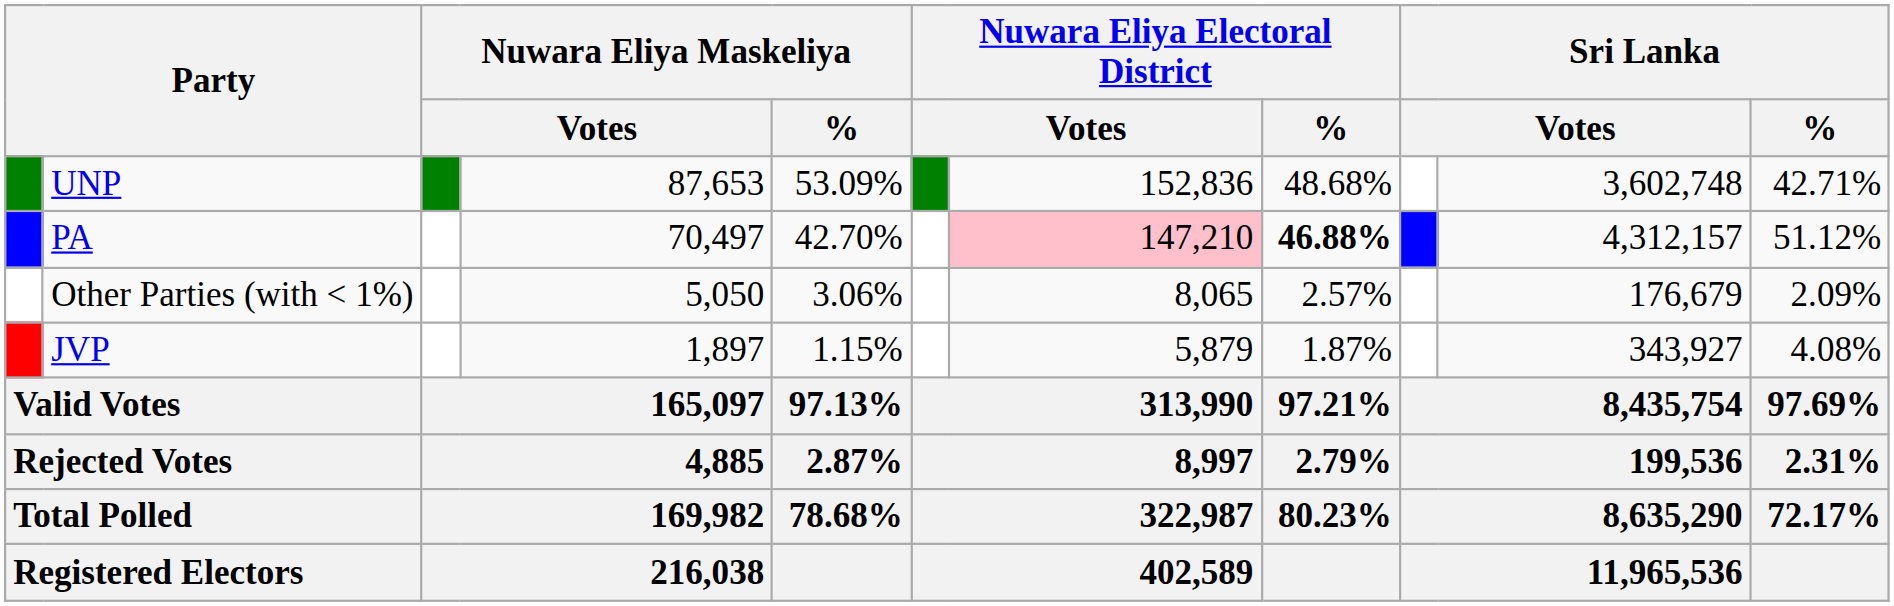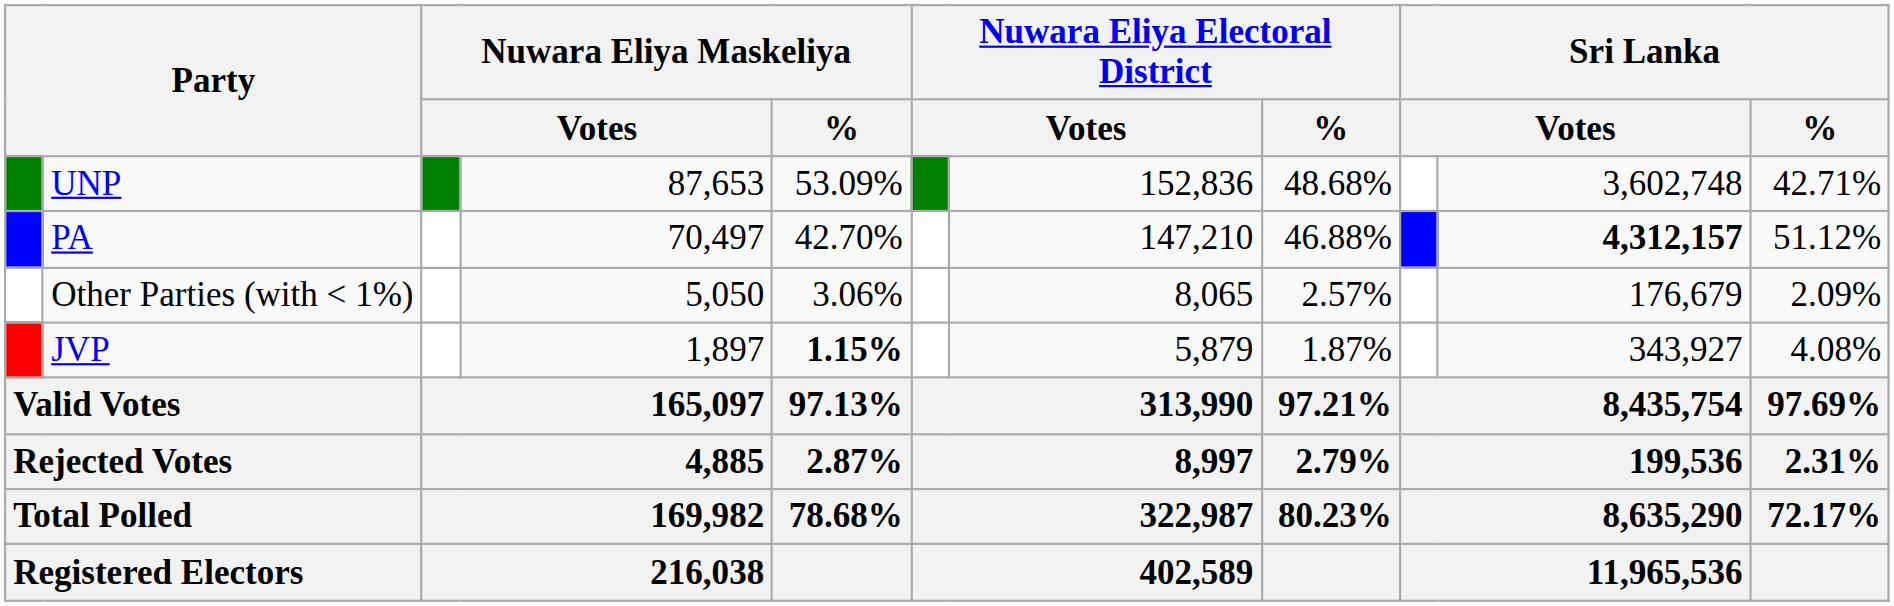 <table class="wikitable">
 <tr>
 <th colspan="2" width="144px"rowspan="2">Party</th>
 <th colspan="3" width="216px">Nuwara Eliya Maskeliya</th>
 <th colspan="3" width="216px"><a href='#'>Nuwara Eliya Electoral District</a></th>
 <th colspan="3" width="216px">Sri Lanka</th>
 </tr>
 <tr>
 <th colspan="2" width="144px">Votes</th>
 <th>%</th>
 <th colspan="2" width="144px">Votes</th>
 <th>%</th>
 <th colspan="2" width="144px">Votes</th>
 <th>%</th>
 </tr>
 <tr>
 <td style="background-color:green;" width="10px"></td>
 <td style="text-align:left;"><a href='#'>UNP</a></td>
 <td style="background-color:green;" width="10px"></td>
 <td style="text-align:right;">87,653</td>
 <td style="text-align:right;">53.09%</td>
 <td style="background-color:green;" width="10px"></td>
 <td style="text-align:right;">152,836</td>
 <td style="text-align:right;">48.68%</td>
 <td style="background-color:white;" width="10px"></td>
 <td style="text-align:right;">3,602,748</td>
 <td style="text-align:right;">42.71%</td>
 </tr>
 <tr>
 <td style="background-color:blue;" width="10px"></td>
 <td style="text-align:left;"><a href='#'>PA</a></td>
 <td style="background-color:white;" width="10px"></td>
 <td style="text-align:right;">70,497</td>
 <td style="text-align:right;">42.70%</td>
 <td style="background-color:white;" width="10px"></td>
-<td style="background: pink; text-align:right;">147,210</td>
-<td style="text-align:right;"><strong>46.88%</strong></td>
+<td style="text-align:right;">147,210</td>
+<td style="text-align:right;">46.88%</td>
 <td style="background-color:blue;" width="10px"></td>
-<td style="text-align:right;">4,312,157</td>
+<td style="text-align:right;"><strong>4,312,157</strong></td>
 <td style="text-align:right;">51.12%</td>
 </tr>
 <tr>
 <td style="background-color:white;" width="10px"></td>
 <td style="text-align:left;">Other Parties (with < 1%)</td>
 <td style="background-color:white;" width="10px"></td>
 <td style="text-align:right;">5,050</td>
 <td style="text-align:right;">3.06%</td>
 <td style="background-color:white;" width="10px"></td>
 <td style="text-align:right;">8,065</td>
 <td style="text-align:right;">2.57%</td>
 <td style="background-color:white;" width="10px"></td>
 <td style="text-align:right;">176,679</td>
 <td style="text-align:right;">2.09%</td>
 </tr>
 <tr>
 <td style="background-color:red;" width="10px"></td>
 <td style="text-align:left;"><a href='#'>JVP</a></td>
 <td style="background-color:white;" width="10px"></td>
 <td style="text-align:right;">1,897</td>
-<td style="text-align:right;">1.15%</td>
+<td style="text-align:right;"><strong>1.15%</strong></td>
 <td style="background-color:white;" width="10px"></td>
 <td style="text-align:right;">5,879</td>
 <td style="text-align:right;">1.87%</td>
 <td style="background-color:white;" width="10px"></td>
 <td style="text-align:right;">343,927</td>
 <td style="text-align:right;">4.08%</td>
 </tr>
 <tr>
 <th colspan="2" width="144px"style="text-align:left;">Valid Votes</th>
 <th style="text-align:right;"colspan="2" width="144px">165,097</th>
 <th style="text-align:right;">97.13%</th>
 <th style="text-align:right;"colspan="2" width="144px">313,990</th>
 <th style="text-align:right;">97.21%</th>
 <th style="text-align:right;"colspan="2" width="144px">8,435,754</th>
 <th style="text-align:right;">97.69%</th>
 </tr>
 <tr>
 <th colspan="2" width="144px"style="text-align:left;">Rejected Votes</th>
 <th style="text-align:right;"colspan="2" width="144px">4,885</th>
 <th style="text-align:right;">2.87%</th>
 <th style="text-align:right;"colspan="2" width="144px">8,997</th>
 <th style="text-align:right;">2.79%</th>
 <th style="text-align:right;"colspan="2" width="144px">199,536</th>
 <th style="text-align:right;">2.31%</th>
 </tr>
 <tr>
 <th colspan="2" width="144px"style="text-align:left;">Total Polled</th>
 <th style="text-align:right;"colspan="2" width="144px">169,982</th>
 <th style="text-align:right;">78.68%</th>
 <th style="text-align:right;"colspan="2" width="144px">322,987</th>
 <th style="text-align:right;">80.23%</th>
 <th style="text-align:right;"colspan="2" width="144px">8,635,290</th>
 <th style="text-align:right;">72.17%</th>
 </tr>
 <tr>
 <th colspan="2" width="144px"style="text-align:left;">Registered Electors</th>
 <th style="text-align:right;"colspan="2" width="144px">216,038</th>
 <th></th>
 <th style="text-align:right;"colspan="2" width="144px">402,589</th>
 <th></th>
 <th style="text-align:right;"colspan="2" width="144px">11,965,536</th>
 <th></th>
 </tr>
 </table>
